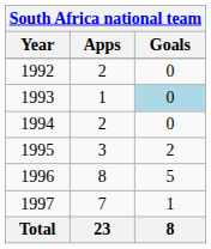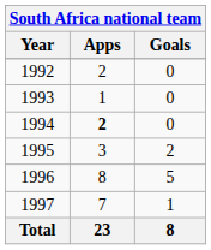 <table class="wikitable" style="text-align:center">
 <tr>
 <th colspan=3><a href='#'>South Africa national team</a></th>
 </tr>
 <tr>
 <th>Year</th>
 <th>Apps</th>
 <th>Goals</th>
 </tr>
 <tr>
 </tr>
 <tr>
 <td>1992</td>
 <td>2</td>
 <td>0</td>
 </tr>
 <tr>
 <td>1993</td>
 <td>1</td>
-<td style="background: lightblue;">0</td>
+<td>0</td>
 </tr>
 <tr>
 <td>1994</td>
-<td>2</td>
+<td><strong>2</strong></td>
 <td>0</td>
 </tr>
 <tr>
 <td>1995</td>
 <td>3</td>
 <td>2</td>
 </tr>
 <tr>
 <td>1996</td>
 <td>8</td>
 <td>5</td>
 </tr>
 <tr>
 <td>1997</td>
 <td>7</td>
 <td>1</td>
 </tr>
 <tr>
 <th>Total</th>
 <th>23</th>
 <th>8</th>
 </tr>
 </table>
